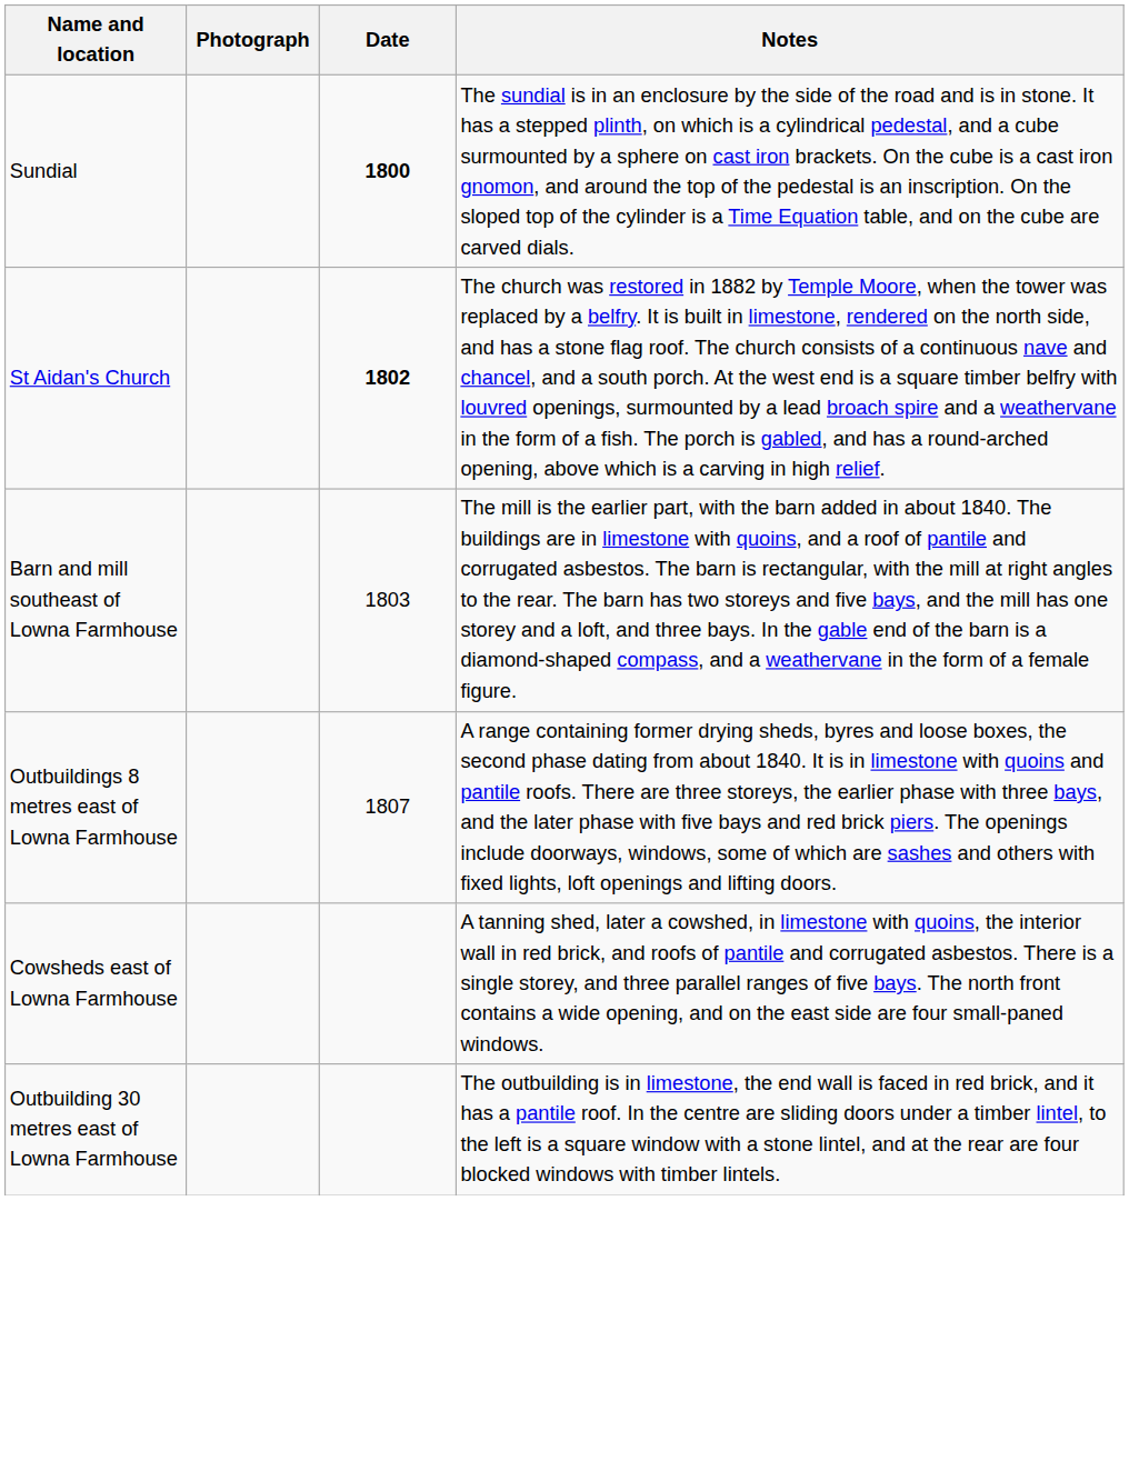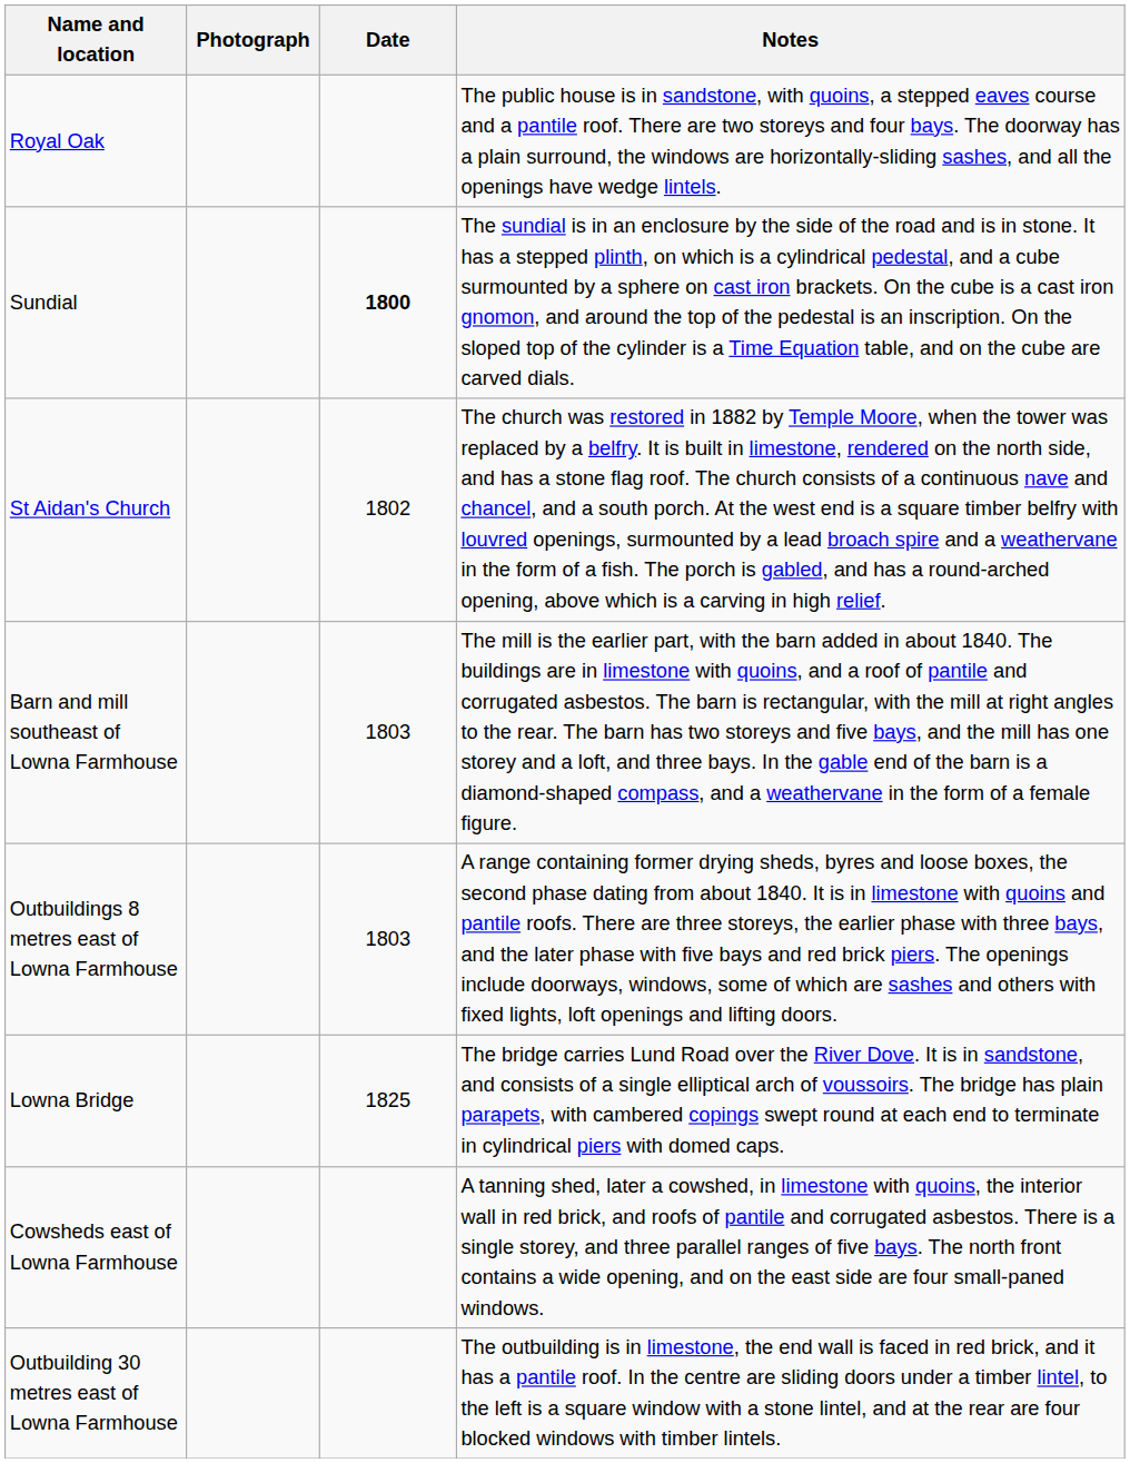 <table class="wikitable sortable plainrowheaders" style="width:100%;border:0px;text-align:left;line-height:150%;">
 <tr>
 <th scope="col"  style="width:150px">Name and location</th>
 <th scope="col"  style="width:100px" class="unsortable">Photograph</th>
 <th scope="col"  style="width:120px">Date</th>
 <th scope="col"  style="width:650px" class="unsortable">Notes</th>
+</tr>
+<tr>
+<td><a href='#'>Royal Oak</a><br><small></small></td>
+<td></td>
+<td align="center"></td>
+<td>The public house is in <a href='#'>sandstone</a>, with <a href='#'>quoins</a>, a stepped <a href='#'>eaves</a> course and a <a href='#'>pantile</a> roof.  There are two storeys and four <a href='#'>bays</a>.  The doorway has a plain surround, the windows are horizontally-sliding <a href='#'>sashes</a>, and all the openings have wedge <a href='#'>lintels</a>.</td>
 </tr>
 <tr>
 <td>Sundial<br><small></small></td>
 <td></td>
 <td align="center"><strong>1800</strong></td>
 <td>The <a href='#'>sundial</a> is in an enclosure by the side of the road and is in stone.  It has a stepped <a href='#'>plinth</a>, on which is a cylindrical <a href='#'>pedestal</a>, and a cube surmounted by a sphere on <a href='#'>cast iron</a> brackets.  On the cube is a cast iron <a href='#'>gnomon</a>, and around the top of the pedestal is an inscription.  On the sloped top of the cylinder is a <a href='#'>Time Equation</a> table, and on the cube are carved dials.</td>
 </tr>
 <tr>
 <td><a href='#'>St Aidan's Church</a><br><small></small></td>
 <td></td>
-<td align="center"><strong>1802</strong></td>
+<td align="center">1802</td>
 <td>The church was <a href='#'>restored</a> in 1882 by <a href='#'>Temple Moore</a>, when the tower was replaced by a <a href='#'>belfry</a>.  It is built in <a href='#'>limestone</a>, <a href='#'>rendered</a> on the north side, and has a stone flag roof.  The church consists of a continuous <a href='#'>nave</a> and <a href='#'>chancel</a>, and a south porch.  At the west end is a square timber belfry with <a href='#'>louvred</a> openings, surmounted by a lead <a href='#'>broach spire</a> and a <a href='#'>weathervane</a> in the form of a fish.  The porch is <a href='#'>gabled</a>, and has a round-arched opening, above which is a carving in high <a href='#'>relief</a>.</td>
 </tr>
 <tr>
 <td>Barn and mill southeast of Lowna Farmhouse<br><small></small></td>
 <td></td>
 <td align="center">1803</td>
 <td>The mill is the earlier part, with the barn added in about 1840.  The buildings are in <a href='#'>limestone</a> with <a href='#'>quoins</a>, and a roof of <a href='#'>pantile</a> and corrugated asbestos.  The barn is rectangular, with the mill at right angles to the rear.  The barn has two storeys and five <a href='#'>bays</a>, and the mill has one storey and a loft, and three bays. In the <a href='#'>gable</a> end of the barn is a diamond-shaped <a href='#'>compass</a>, and a <a href='#'>weathervane</a> in the form of a female figure.</td>
 </tr>
 <tr>
 <td>Outbuildings 8 metres east of Lowna Farmhouse<br><small></small></td>
 <td></td>
-<td align="center">1807</td>
+<td align="center">1803</td>
 <td>A range containing former drying sheds, byres and loose boxes, the second phase dating from about 1840.  It is in <a href='#'>limestone</a> with <a href='#'>quoins</a> and <a href='#'>pantile</a> roofs.  There are three storeys, the earlier phase with three <a href='#'>bays</a>, and the later phase with five bays and red brick <a href='#'>piers</a>.  The openings include doorways, windows, some of which are <a href='#'>sashes</a> and others with fixed lights, loft openings and lifting doors.</td>
+</tr>
+<tr>
+<td>Lowna Bridge<br><small></small></td>
+<td></td>
+<td align="center">1825</td>
+<td>The bridge carries Lund Road over the <a href='#'>River Dove</a>.  It is in <a href='#'>sandstone</a>, and consists of a single elliptical arch of <a href='#'>voussoirs</a>.  The bridge has plain <a href='#'>parapets</a>, with cambered <a href='#'>copings</a> swept round at each end to terminate in cylindrical <a href='#'>piers</a> with domed caps.</td>
 </tr>
 <tr>
 <td>Cowsheds east of Lowna Farmhouse<br><small></small></td>
 <td></td>
 <td align="center"></td>
 <td>A tanning shed, later a cowshed, in <a href='#'>limestone</a> with <a href='#'>quoins</a>, the interior wall in red brick, and roofs of <a href='#'>pantile</a> and corrugated asbestos.  There is a single storey, and three parallel ranges of five <a href='#'>bays</a>.  The north front contains a wide opening, and on the east side are four small-paned windows.</td>
 </tr>
 <tr>
 <td>Outbuilding 30 metres east of Lowna Farmhouse<br><small></small></td>
 <td></td>
 <td align="center"></td>
 <td>The outbuilding is in <a href='#'>limestone</a>, the end wall is faced in red brick, and it has a <a href='#'>pantile</a> roof.  In the centre are sliding doors under a timber <a href='#'>lintel</a>, to the left is a square window with a stone lintel, and at the rear are four blocked windows with timber lintels.</td>
 </tr>
 <tr>
 </tr>
 <tr>
 </tr>
 </table>
